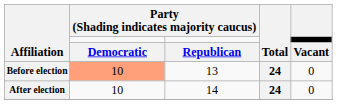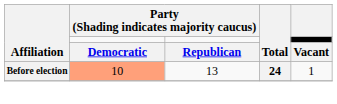 <table class=wikitable style="text-align:center">
 <tr style="vertical-align:bottom;">
 <th rowspan=3>Affiliation</th>
 <th colspan=2>Party <div>(Shading indicates majority caucus)</div></th>
 <th rowspan=3>Total</th>
 <th></th>
 </tr>
 <tr style="height:5px">
 <td style="background-color:"></td>
 <td style="background-color:"></td>
 <td style="background: black"></td>
 </tr>
 <tr>
 <th><a href='#'>Democratic</a></th>
 <th><a href='#'>Republican</a></th>
 <th>Vacant</th>
 </tr>
 <tr>
 <th nowrap style="font-size:80%">Before election</th>
 <td style="background: lightsalmon;">10</td>
 <td>13</td>
 <th>24</th>
-<td>0</td>
-</tr>
-<tr>
-<th nowrap style="font-size:80%">After election</th>
-<td>10</td>
-<td>14</td>
-<th>24</th>
-<td>0</td>
+<td>1</td>
 </tr>
 <tr>
 </tr>
 </table>
